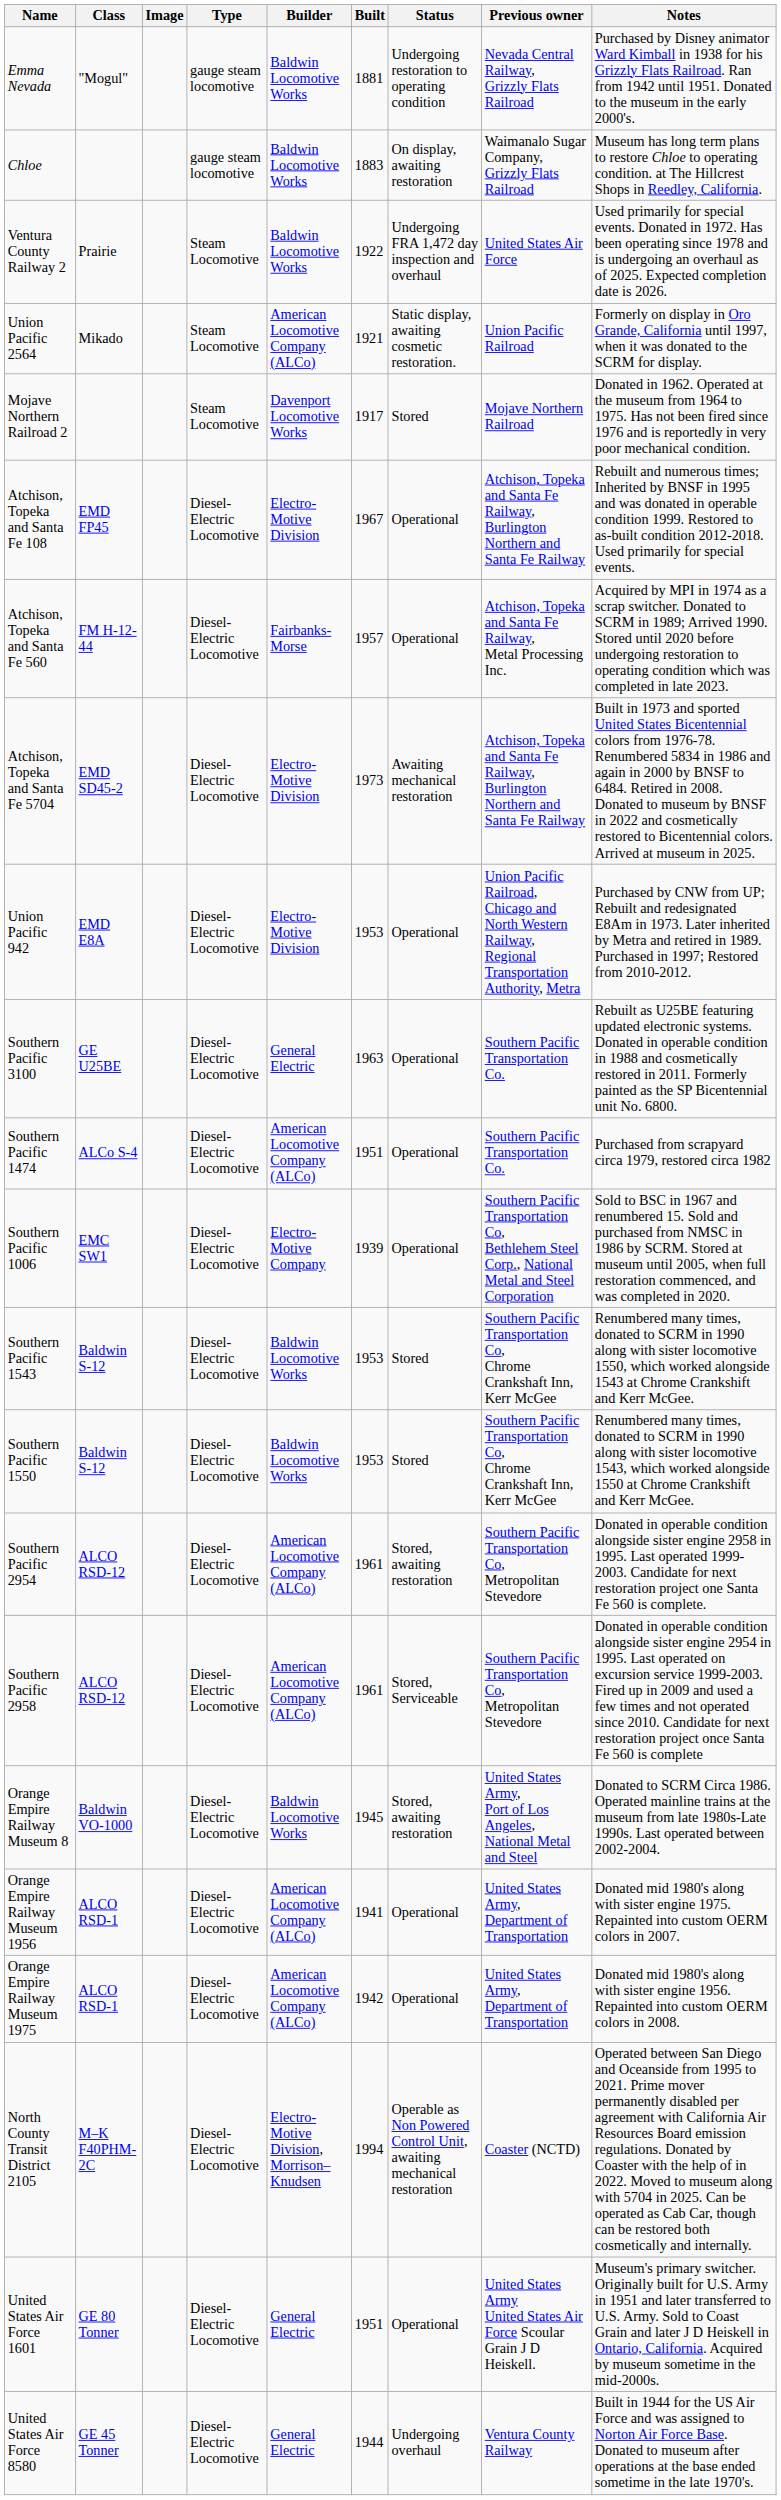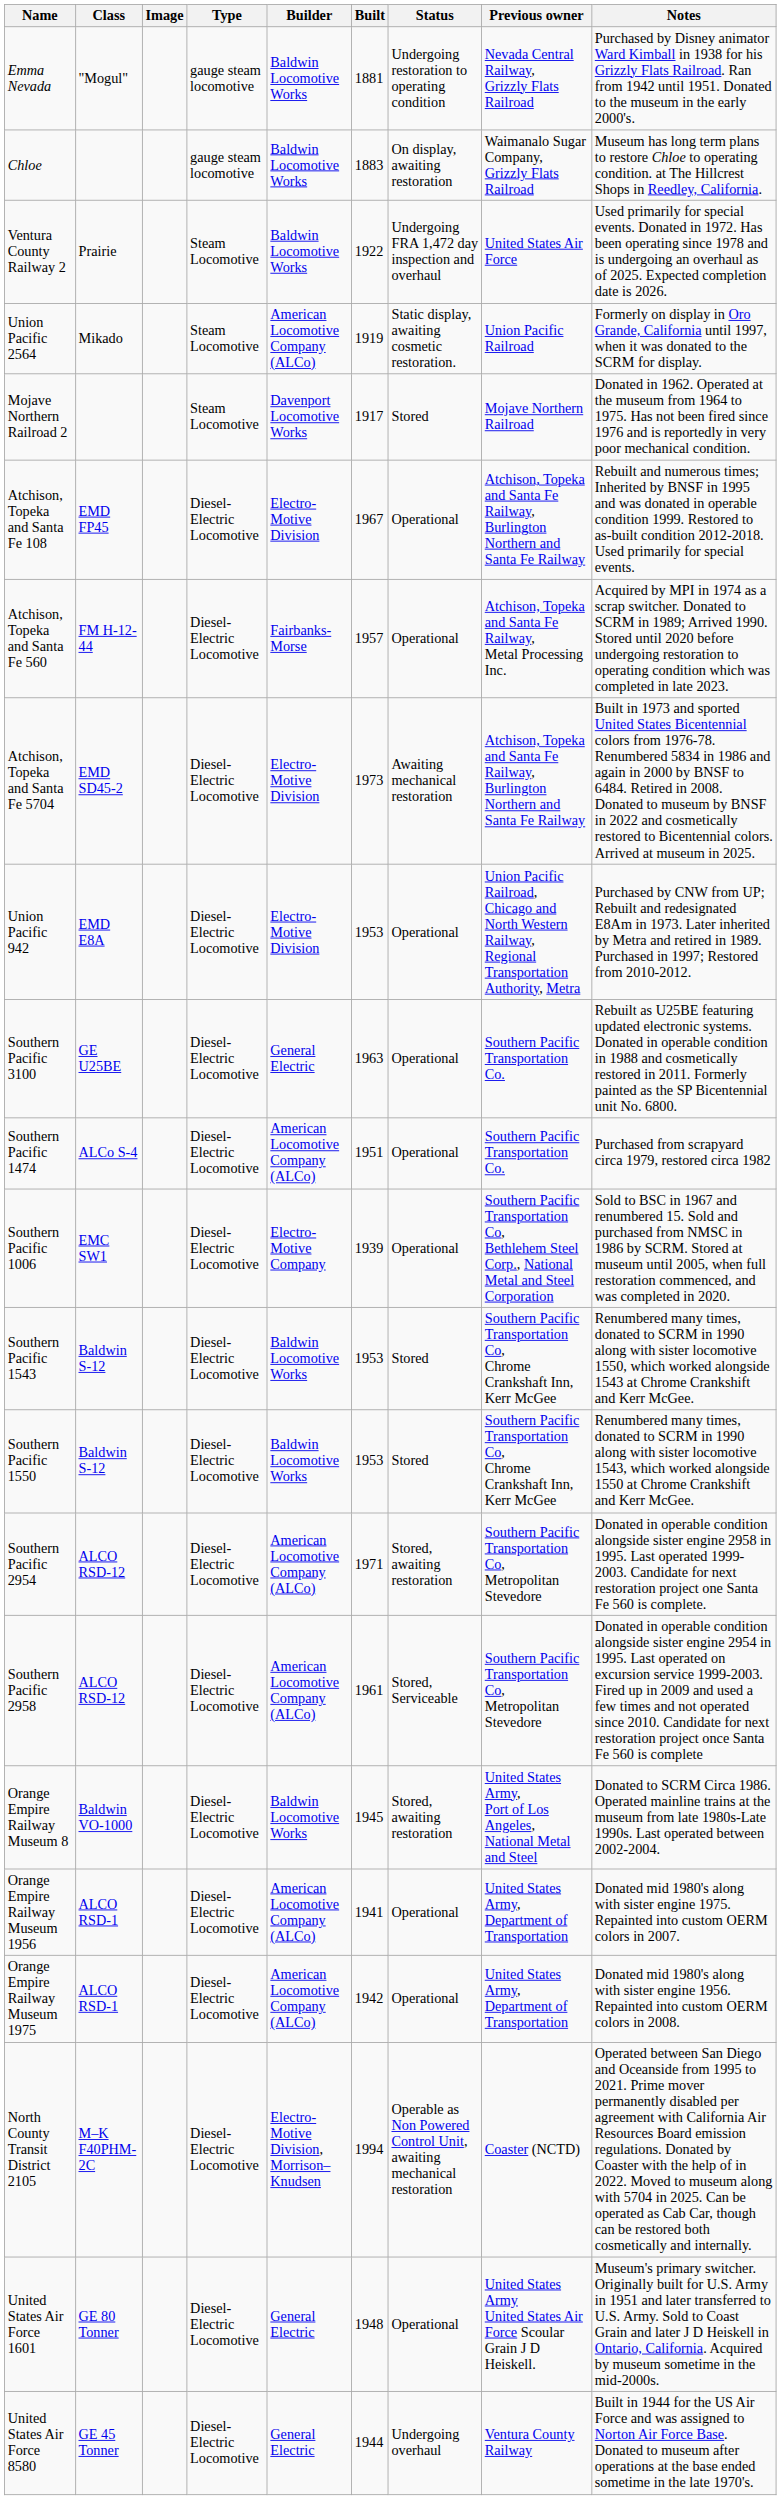 <table class="wikitable sortable">
 <tr>
 <th>Name</th>
 <th>Class</th>
 <th>Image</th>
 <th>Type</th>
 <th>Builder</th>
 <th>Built</th>
 <th>Status</th>
 <th>Previous owner</th>
 <th>Notes</th>
 </tr>
 <tr>
 <td><em>Emma Nevada</em></td>
 <td> "Mogul"</td>
 <td></td>
 <td> gauge steam locomotive</td>
 <td><a href='#'>Baldwin Locomotive Works</a></td>
 <td>1881</td>
 <td>Undergoing restoration to operating condition</td>
 <td><a href='#'>Nevada Central Railway</a>,<br><a href='#'>Grizzly Flats Railroad</a></td>
 <td>Purchased by Disney animator <a href='#'>Ward Kimball</a> in 1938 for his <a href='#'>Grizzly Flats Railroad</a>. Ran from 1942 until 1951. Donated to the museum in the early 2000's.</td>
 </tr>
 <tr>
 <td><em>Chloe</em></td>
 <td></td>
 <td></td>
 <td> gauge steam locomotive</td>
 <td><a href='#'>Baldwin Locomotive Works</a></td>
 <td>1883</td>
 <td>On display, awaiting restoration</td>
 <td>Waimanalo Sugar Company,<br><a href='#'>Grizzly Flats Railroad</a></td>
 <td>Museum has long term plans to restore <em>Chloe</em> to operating condition. at The Hillcrest Shops in <a href='#'>Reedley, California</a>.</td>
 </tr>
 <tr>
 <td>Ventura County Railway 2</td>
 <td> Prairie</td>
 <td></td>
 <td>Steam Locomotive</td>
 <td><a href='#'>Baldwin Locomotive Works</a></td>
 <td>1922</td>
 <td>Undergoing FRA 1,472 day inspection and overhaul</td>
 <td><a href='#'>United States Air Force</a></td>
 <td>Used primarily for special events. Donated in 1972. Has been operating since 1978 and is undergoing an overhaul as of 2025. Expected completion date is 2026.</td>
 </tr>
 <tr>
 <td>Union Pacific 2564</td>
 <td> Mikado</td>
 <td></td>
 <td>Steam Locomotive</td>
 <td><a href='#'>American Locomotive Company (ALCo)</a></td>
-<td>1921</td>
+<td>1919</td>
 <td>Static display, awaiting cosmetic restoration.</td>
 <td><a href='#'>Union Pacific Railroad</a></td>
 <td>Formerly on display in <a href='#'>Oro Grande, California</a> until 1997, when it was donated to the SCRM for display.</td>
 </tr>
 <tr>
 <td>Mojave Northern Railroad 2</td>
 <td></td>
 <td></td>
 <td>Steam Locomotive</td>
 <td><a href='#'>Davenport Locomotive Works</a></td>
 <td>1917</td>
 <td>Stored</td>
 <td><a href='#'>Mojave Northern Railroad</a></td>
 <td>Donated in 1962. Operated at the museum from 1964 to 1975. Has not been fired since 1976 and is reportedly in very poor mechanical condition.</td>
 </tr>
 <tr>
 <td>Atchison, Topeka and Santa Fe 108</td>
 <td><a href='#'>EMD FP45</a></td>
 <td></td>
 <td>Diesel-Electric Locomotive</td>
 <td><a href='#'>Electro-Motive Division</a></td>
 <td>1967</td>
 <td>Operational</td>
 <td><a href='#'>Atchison, Topeka and Santa Fe Railway</a>,<br><a href='#'>Burlington Northern and Santa Fe Railway</a></td>
 <td>Rebuilt and numerous times; Inherited by BNSF in 1995 and was donated in operable condition 1999. Restored to as-built condition 2012-2018. Used primarily for special events.</td>
 </tr>
 <tr>
 <td>Atchison, Topeka and Santa Fe 560</td>
 <td><a href='#'>FM H-12-44</a></td>
 <td></td>
 <td>Diesel-Electric Locomotive</td>
 <td><a href='#'>Fairbanks-Morse</a></td>
 <td>1957</td>
 <td>Operational</td>
 <td><a href='#'>Atchison, Topeka and Santa Fe Railway</a>,<br>Metal Processing Inc.</td>
 <td>Acquired by MPI in 1974 as a scrap switcher. Donated to SCRM in 1989; Arrived 1990. Stored until 2020 before undergoing restoration to operating condition which was completed in late 2023.</td>
 </tr>
 <tr>
 <td>Atchison, Topeka and Santa Fe 5704</td>
 <td><a href='#'>EMD SD45-2</a></td>
 <td></td>
 <td>Diesel-Electric Locomotive</td>
 <td><a href='#'>Electro-Motive Division</a></td>
 <td>1973</td>
 <td>Awaiting mechanical restoration</td>
 <td><a href='#'>Atchison, Topeka and Santa Fe Railway</a>,<br><a href='#'>Burlington Northern and Santa Fe Railway</a></td>
 <td>Built in 1973 and sported <a href='#'>United States Bicentennial</a> colors from 1976-78. Renumbered 5834 in 1986 and again in 2000 by BNSF to 6484. Retired in 2008. Donated to museum by BNSF in 2022 and cosmetically restored to Bicentennial colors. Arrived at museum in 2025.</td>
 </tr>
 <tr>
 <td>Union Pacific 942</td>
 <td><a href='#'>EMD E8A</a></td>
 <td></td>
 <td>Diesel-Electric Locomotive</td>
 <td><a href='#'>Electro-Motive Division</a></td>
 <td>1953</td>
 <td>Operational</td>
 <td><a href='#'>Union Pacific Railroad</a>,<br><a href='#'>Chicago and North Western Railway</a>,  <a href='#'>Regional Transportation Authority</a>, <a href='#'>Metra</a></td>
 <td>Purchased by CNW from UP; Rebuilt and redesignated E8Am in 1973. Later inherited by Metra and retired in 1989. Purchased in 1997; Restored from 2010-2012.</td>
 </tr>
 <tr>
 <td>Southern Pacific 3100</td>
 <td><a href='#'>GE U25BE</a></td>
 <td></td>
 <td>Diesel-Electric Locomotive</td>
 <td><a href='#'>General Electric</a></td>
 <td>1963</td>
 <td>Operational</td>
 <td><a href='#'>Southern Pacific Transportation Co.</a></td>
 <td>Rebuilt as U25BE featuring updated electronic systems. Donated in operable condition in 1988 and cosmetically restored in 2011. Formerly painted as the SP Bicentennial unit No. 6800.</td>
 </tr>
 <tr>
 <td>Southern Pacific 1474</td>
 <td><a href='#'>ALCo S-4</a></td>
 <td></td>
 <td>Diesel-Electric Locomotive</td>
 <td><a href='#'>American Locomotive Company (ALCo)</a></td>
 <td>1951</td>
 <td>Operational</td>
 <td><a href='#'>Southern Pacific Transportation Co.</a></td>
 <td>Purchased from scrapyard circa 1979, restored circa 1982</td>
 </tr>
 <tr>
 <td>Southern Pacific 1006</td>
 <td><a href='#'>EMC SW1</a></td>
 <td></td>
 <td>Diesel-Electric Locomotive</td>
 <td><a href='#'>Electro-Motive Company</a></td>
 <td>1939</td>
 <td>Operational</td>
 <td><a href='#'>Southern Pacific Transportation Co</a>,<br><a href='#'>Bethlehem Steel Corp.</a>, <a href='#'>National Metal and Steel Corporation</a></td>
 <td>Sold to BSC in 1967 and renumbered 15. Sold and purchased from NMSC in 1986 by SCRM. Stored at museum until 2005, when full restoration commenced, and was completed in 2020.</td>
 </tr>
 <tr>
 <td>Southern Pacific 1543</td>
 <td><a href='#'>Baldwin S-12</a></td>
 <td></td>
 <td>Diesel-Electric Locomotive</td>
 <td><a href='#'>Baldwin Locomotive Works</a></td>
 <td>1953</td>
 <td>Stored</td>
 <td><a href='#'>Southern Pacific Transportation Co</a>,<br>Chrome Crankshaft Inn, Kerr McGee</td>
 <td>Renumbered many times, donated to SCRM in 1990 along with sister locomotive 1550, which worked alongside 1543 at Chrome Crankshift and Kerr McGee.</td>
 </tr>
 <tr>
 <td>Southern Pacific 1550</td>
 <td><a href='#'>Baldwin S-12</a></td>
 <td></td>
 <td>Diesel-Electric Locomotive</td>
 <td><a href='#'>Baldwin Locomotive Works</a></td>
 <td>1953</td>
 <td>Stored</td>
 <td><a href='#'>Southern Pacific Transportation Co</a>,<br>Chrome Crankshaft Inn, Kerr McGee</td>
 <td>Renumbered many times, donated to SCRM in 1990 along with sister locomotive 1543, which worked alongside 1550 at Chrome Crankshift and Kerr McGee.</td>
 </tr>
 <tr>
 <td>Southern Pacific 2954</td>
 <td><a href='#'>ALCO RSD-12</a></td>
 <td></td>
 <td>Diesel-Electric Locomotive</td>
 <td><a href='#'>American Locomotive Company (ALCo)</a></td>
-<td>1961</td>
+<td>1971</td>
 <td>Stored, awaiting restoration</td>
 <td><a href='#'>Southern Pacific Transportation Co</a>,<br>Metropolitan Stevedore</td>
 <td>Donated in operable condition alongside sister engine 2958 in 1995. Last operated 1999-2003. Candidate for next restoration project one Santa Fe 560 is complete.</td>
 </tr>
 <tr>
 <td>Southern Pacific 2958</td>
 <td><a href='#'>ALCO RSD-12</a></td>
 <td></td>
 <td>Diesel-Electric Locomotive</td>
 <td><a href='#'>American Locomotive Company (ALCo)</a></td>
 <td>1961</td>
 <td>Stored, Serviceable</td>
 <td><a href='#'>Southern Pacific Transportation Co</a>,<br>Metropolitan Stevedore</td>
 <td>Donated in operable condition alongside sister engine 2954 in 1995. Last operated on excursion service 1999-2003. Fired up in 2009 and used a few times and not operated since 2010. Candidate for next restoration project once Santa Fe 560 is complete</td>
 </tr>
 <tr>
 <td>Orange Empire Railway Museum 8</td>
 <td><a href='#'>Baldwin VO-1000</a></td>
 <td></td>
 <td>Diesel-Electric Locomotive</td>
 <td><a href='#'>Baldwin Locomotive Works</a></td>
 <td>1945</td>
 <td>Stored, awaiting restoration</td>
 <td><a href='#'>United States Army</a>,<br><a href='#'>Port of Los Angeles</a>,<br><a href='#'>National Metal and Steel</a></td>
 <td>Donated to SCRM Circa 1986. Operated mainline trains at the museum from late 1980s-Late 1990s. Last operated between 2002-2004.</td>
 </tr>
 <tr>
 <td>Orange Empire Railway Museum 1956</td>
 <td><a href='#'>ALCO RSD-1</a></td>
 <td></td>
 <td>Diesel-Electric Locomotive</td>
 <td><a href='#'>American Locomotive Company (ALCo)</a></td>
 <td>1941</td>
 <td>Operational</td>
 <td><a href='#'>United States Army</a>,<br><a href='#'>Department of Transportation</a></td>
 <td>Donated mid 1980's along with sister engine 1975. Repainted into custom OERM colors in 2007.</td>
 </tr>
 <tr>
 <td>Orange Empire Railway Museum 1975</td>
 <td><a href='#'>ALCO RSD-1</a></td>
 <td></td>
 <td>Diesel-Electric Locomotive</td>
 <td><a href='#'>American Locomotive Company (ALCo)</a></td>
 <td>1942</td>
 <td>Operational</td>
 <td><a href='#'>United States Army</a>,<br><a href='#'>Department of Transportation</a></td>
 <td>Donated mid 1980's along with sister engine 1956. Repainted into custom OERM colors in 2008.</td>
 </tr>
 <tr>
 <td>North County Transit District 2105</td>
 <td><a href='#'>M–K F40PHM-2C</a></td>
 <td></td>
 <td>Diesel-Electric Locomotive</td>
 <td><a href='#'>Electro-Motive</a><br><a href='#'>Division</a>, <a href='#'>Morrison–Knudsen</a></td>
 <td>1994</td>
 <td>Operable as <a href='#'>Non Powered Control Unit</a>, awaiting mechanical restoration</td>
 <td><a href='#'>Coaster</a> (NCTD)</td>
 <td>Operated between San Diego and Oceanside from 1995 to 2021. Prime mover permanently disabled per agreement with California Air Resources Board emission regulations. Donated by Coaster with the help of  in 2022. Moved to museum along with 5704 in 2025. Can be operated as Cab Car, though can be restored both cosmetically and internally.</td>
 </tr>
 <tr>
 <td>United States Air Force 1601</td>
 <td><a href='#'>GE 80 Tonner</a></td>
 <td></td>
 <td>Diesel-Electric Locomotive</td>
 <td><a href='#'>General Electric</a></td>
-<td>1951</td>
+<td>1948</td>
 <td>Operational</td>
 <td><a href='#'>United States Army</a><br><a href='#'>United States Air Force</a> Scoular Grain J D Heiskell.</td>
 <td>Museum's primary switcher. Originally built for U.S. Army in 1951 and later transferred to U.S. Army. Sold to Coast Grain and later J D Heiskell in <a href='#'>Ontario, California</a>. Acquired by museum sometime in the mid-2000s.</td>
 </tr>
 <tr>
 <td>United States Air Force 8580</td>
 <td><a href='#'>GE 45 Tonner</a></td>
 <td></td>
 <td>Diesel-Electric Locomotive</td>
 <td><a href='#'>General Electric</a></td>
 <td>1944</td>
 <td>Undergoing overhaul</td>
 <td><a href='#'>Ventura County Railway</a></td>
 <td>Built in 1944 for the US Air Force and was assigned to <a href='#'>Norton Air Force Base</a>. Donated to museum after operations at the base ended sometime in the late 1970's.</td>
 </tr>
 </table>
